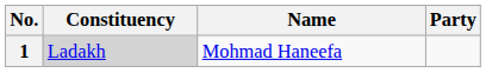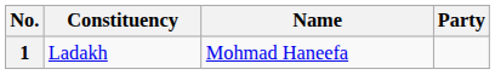 <table class="sortable wikitable">
 <tr>
 <th>No.</th>
 <th style="width:120px">Constituency</th>
 <th style="width:180px">Name</th>
 <th colspan="2">Party</th>
 </tr>
 <tr>
 <th>1</th>
-<td style="background: lightgrey;"><a href='#'>Ladakh</a></td>
+<td><a href='#'>Ladakh</a></td>
 <td><a href='#'>Mohmad Haneefa</a></td>
 <td></td>
 </tr>
 </table>
